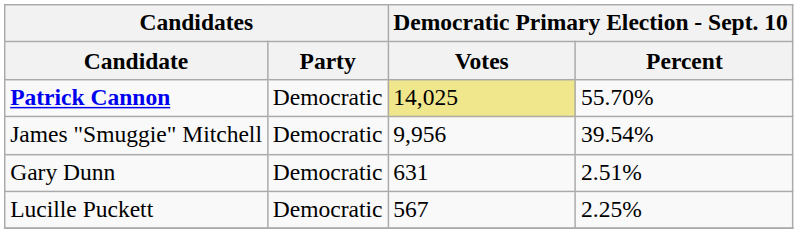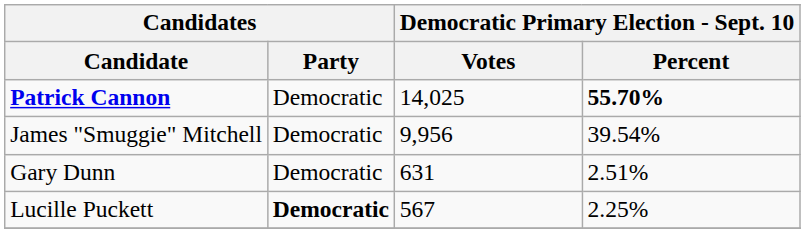 <table class=wikitable>
 <tr>
 <th colspan=2>Candidates</th>
 <th colspan=2>Democratic Primary Election - Sept. 10 </th>
 </tr>
 <tr>
 <th>Candidate</th>
 <th>Party</th>
 <th>Votes</th>
 <th>Percent</th>
 </tr>
 <tr>
 <td><strong><a href='#'>Patrick Cannon</a></strong></td>
 <td>Democratic</td>
-<td style="background: khaki;">14,025</td>
-<td>55.70%</td>
+<td>14,025</td>
+<td><strong>55.70%</strong></td>
 </tr>
 <tr>
 <td>James "Smuggie" Mitchell</td>
 <td>Democratic</td>
 <td>9,956</td>
 <td>39.54%</td>
 </tr>
 <tr>
 <td>Gary Dunn</td>
 <td>Democratic</td>
 <td>631</td>
 <td>2.51%</td>
 </tr>
 <tr>
 <td>Lucille Puckett</td>
-<td>Democratic</td>
+<td><strong>Democratic</strong></td>
 <td>567</td>
 <td>2.25%</td>
 </tr>
 <tr>
 </tr>
 </table>
